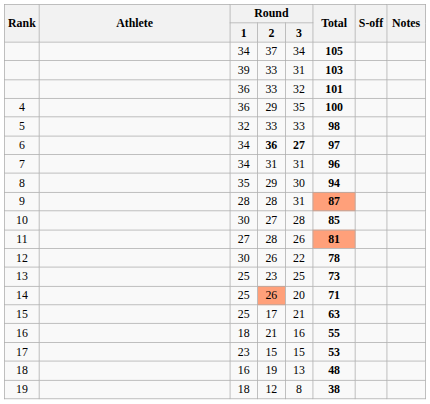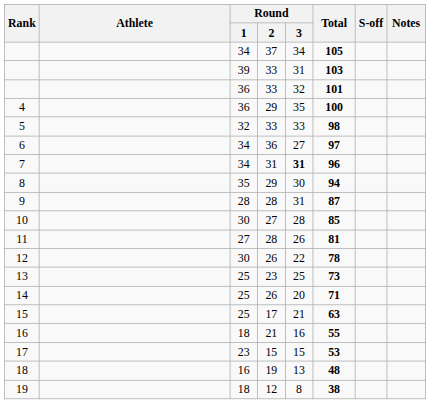 <table class="wikitable" style="text-align:center">
 <tr>
 <th rowspan=2 width=40>Rank</th>
 <th rowspan=2 width=250>Athlete</th>
 <th colspan=3>Round</th>
 <th rowspan=2 width=50>Total</th>
 <th rowspan=2 width=35>S-off</th>
 <th rowspan=2 width=45>Notes</th>
 </tr>
 <tr>
 <th width=30>1</th>
 <th width=30>2</th>
 <th width=30>3</th>
 </tr>
 <tr>
 <td></td>
 <td align=left></td>
 <td>34</td>
 <td>37</td>
 <td>34</td>
 <td><strong>105</strong></td>
 <td></td>
 <td></td>
 </tr>
 <tr>
 <td></td>
 <td align=left></td>
 <td>39</td>
 <td>33</td>
 <td>31</td>
 <td><strong>103</strong></td>
 <td></td>
 <td></td>
 </tr>
 <tr>
 <td></td>
 <td align=left></td>
 <td>36</td>
 <td>33</td>
 <td>32</td>
 <td><strong>101</strong></td>
 <td></td>
 <td></td>
 </tr>
 <tr>
 <td>4</td>
 <td align=left></td>
 <td>36</td>
 <td>29</td>
 <td>35</td>
 <td><strong>100</strong></td>
 <td></td>
 <td></td>
 </tr>
 <tr>
 <td>5</td>
 <td align=left></td>
 <td>32</td>
 <td>33</td>
 <td>33</td>
 <td><strong>98</strong></td>
 <td></td>
 <td></td>
 </tr>
 <tr>
 <td>6</td>
 <td align=left></td>
 <td>34</td>
-<td><strong>36</strong></td>
-<td><strong>27</strong></td>
+<td>36</td>
+<td>27</td>
 <td><strong>97</strong></td>
 <td></td>
 <td></td>
 </tr>
 <tr>
 <td>7</td>
 <td align=left></td>
 <td>34</td>
 <td>31</td>
-<td>31</td>
+<td><strong>31</strong></td>
 <td><strong>96</strong></td>
 <td></td>
 <td></td>
 </tr>
 <tr>
 <td>8</td>
 <td align=left></td>
 <td>35</td>
 <td>29</td>
 <td>30</td>
 <td><strong>94</strong></td>
 <td></td>
 <td></td>
 </tr>
 <tr>
 <td>9</td>
 <td align=left></td>
 <td>28</td>
 <td>28</td>
 <td>31</td>
-<td style="background: lightsalmon;"><strong>87</strong></td>
+<td><strong>87</strong></td>
 <td></td>
 <td></td>
 </tr>
 <tr>
 <td>10</td>
 <td align=left></td>
 <td>30</td>
 <td>27</td>
 <td>28</td>
 <td><strong>85</strong></td>
 <td></td>
 <td></td>
 </tr>
 <tr>
 <td>11</td>
 <td align=left></td>
 <td>27</td>
 <td>28</td>
 <td>26</td>
-<td style="background: lightsalmon;"><strong>81</strong></td>
+<td><strong>81</strong></td>
 <td></td>
 <td></td>
 </tr>
 <tr>
 <td>12</td>
 <td align=left></td>
 <td>30</td>
 <td>26</td>
 <td>22</td>
 <td><strong>78</strong></td>
 <td></td>
 <td></td>
 </tr>
 <tr>
 <td>13</td>
 <td align=left></td>
 <td>25</td>
 <td>23</td>
 <td>25</td>
 <td><strong>73</strong></td>
 <td></td>
 <td></td>
 </tr>
 <tr>
 <td>14</td>
 <td align=left></td>
 <td>25</td>
-<td style="background: lightsalmon;">26</td>
+<td>26</td>
 <td>20</td>
 <td><strong>71</strong></td>
 <td></td>
 <td></td>
 </tr>
 <tr>
 <td>15</td>
 <td align=left></td>
 <td>25</td>
 <td>17</td>
 <td>21</td>
 <td><strong>63</strong></td>
 <td></td>
 <td></td>
 </tr>
 <tr>
 <td>16</td>
 <td align=left></td>
 <td>18</td>
 <td>21</td>
 <td>16</td>
 <td><strong>55</strong></td>
 <td></td>
 <td></td>
 </tr>
 <tr>
 <td>17</td>
 <td align=left></td>
 <td>23</td>
 <td>15</td>
 <td>15</td>
 <td><strong>53</strong></td>
 <td></td>
 <td></td>
 </tr>
 <tr>
 <td>18</td>
 <td align=left></td>
 <td>16</td>
 <td>19</td>
 <td>13</td>
 <td><strong>48</strong></td>
 <td></td>
 <td></td>
 </tr>
 <tr>
 <td>19</td>
 <td align=left></td>
 <td>18</td>
 <td>12</td>
 <td>8</td>
 <td><strong>38</strong></td>
 <td></td>
 <td></td>
 </tr>
 </table>
